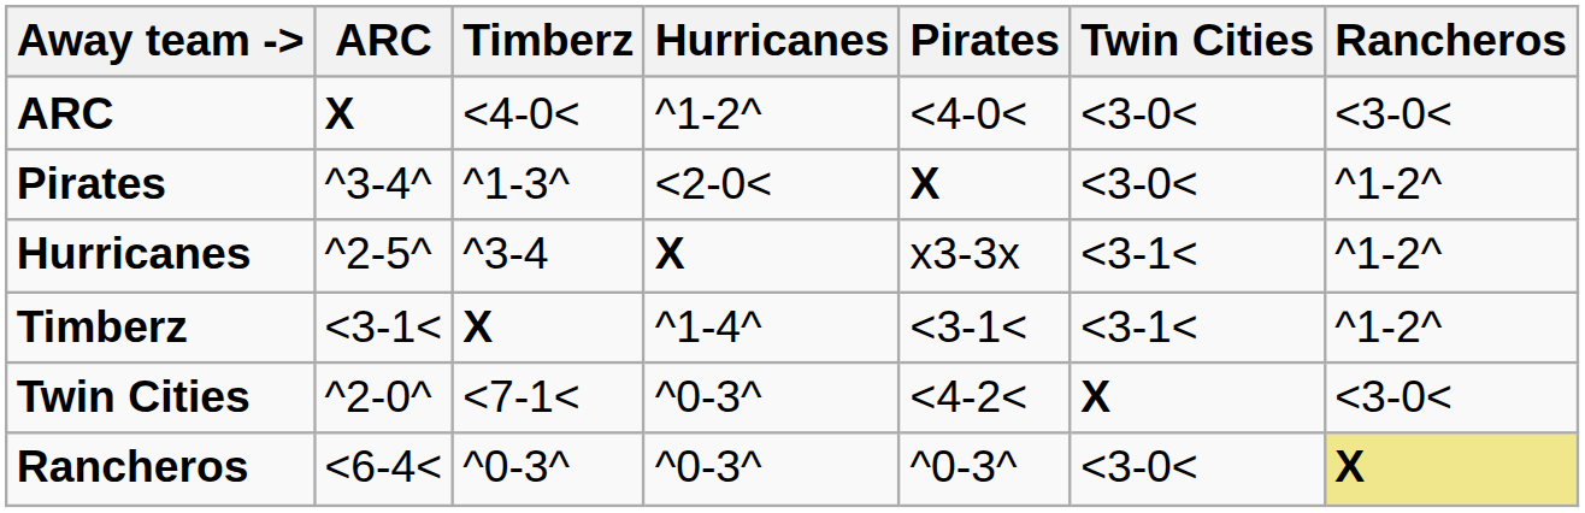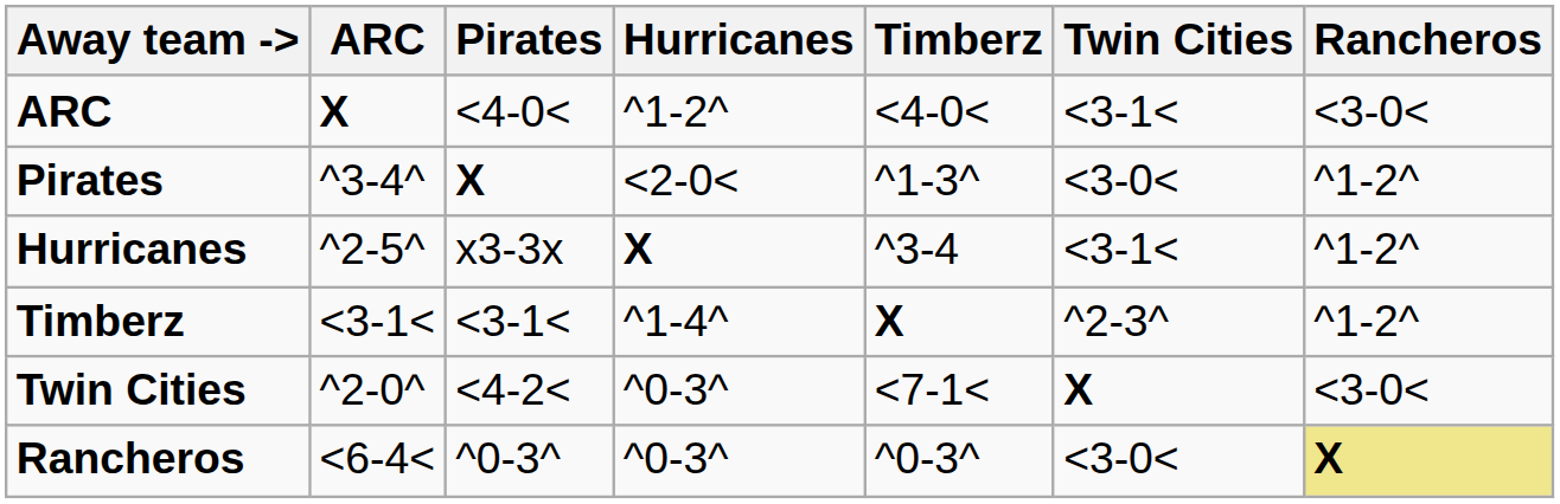 <table class="wikitable sortable">
 <tr>
 <th>Away team -></th>
 <th>ARC</th>
+<th>Pirates</th>
+<th>Hurricanes</th>
 <th>Timberz</th>
-<th>Hurricanes</th>
-<th>Pirates</th>
 <th>Twin Cities</th>
 <th>Rancheros</th>
 </tr>
 <tr>
 <td><strong>ARC</strong></td>
 <td><strong>X</strong></td>
 <td><4-0<</td>
 <td>^1-2^</td>
 <td><4-0<</td>
-<td><3-0<</td>
+<td><3-1<</td>
 <td><3-0<</td>
 </tr>
 <tr>
 <td><strong>Pirates</strong></td>
 <td>^3-4^</td>
+<td><strong>X</strong></td>
+<td><2-0<</td>
 <td>^1-3^</td>
-<td><2-0<</td>
-<td><strong>X</strong></td>
 <td><3-0<</td>
 <td>^1-2^</td>
 </tr>
 <tr>
 <td><strong>Hurricanes</strong></td>
 <td>^2-5^</td>
+<td>x3-3x</td>
+<td><strong>X</strong></td>
 <td>^3-4</td>
-<td><strong>X</strong></td>
-<td>x3-3x</td>
 <td><3-1<</td>
 <td>^1-2^</td>
 </tr>
 <tr>
 <td><strong>Timberz</strong></td>
 <td><3-1<</td>
+<td><3-1<</td>
+<td>^1-4^</td>
 <td><strong>X</strong></td>
-<td>^1-4^</td>
-<td><3-1<</td>
-<td><3-1<</td>
+<td>^2-3^</td>
 <td>^1-2^</td>
 </tr>
 <tr>
 <td><strong>Twin Cities</strong></td>
 <td>^2-0^</td>
+<td><4-2<</td>
+<td>^0-3^</td>
 <td><7-1<</td>
-<td>^0-3^</td>
-<td><4-2<</td>
 <td><strong>X</strong></td>
 <td><3-0<</td>
 </tr>
 <tr>
 <td><strong>Rancheros</strong></td>
 <td><6-4<</td>
 <td>^0-3^</td>
 <td>^0-3^</td>
 <td>^0-3^</td>
 <td><3-0<</td>
 <td style="background: khaki;"><strong>X</strong></td>
 </tr>
 </table>
